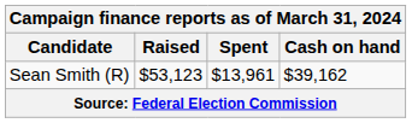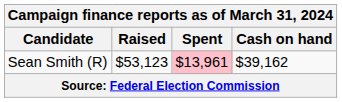 <table class="wikitable sortable">
 <tr>
 <th colspan=4>Campaign finance reports as of March 31, 2024</th>
 </tr>
 <tr style="text-align:center;">
 <th>Candidate</th>
 <th>Raised</th>
 <th>Spent</th>
 <th>Cash on hand</th>
 </tr>
 <tr>
 <td>Sean Smith (R)</td>
 <td>$53,123</td>
-<td>$13,961</td>
+<td style="background: pink;">$13,961</td>
 <td>$39,162</td>
 </tr>
 <tr>
 <th colspan="4"><small>Source: <a href='#'>Federal Election Commission</a></small></th>
 </tr>
 </table>
